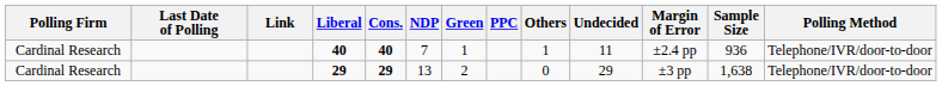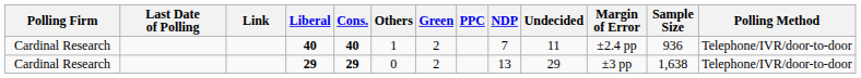 <table class="wikitable sortable" style="text-align:center;font-size:90%;line-height:14px;">
 <tr style="background:#e9e9e9;">
 <th style="width:120px">Polling Firm</th>
 <th style="width:110px">Last Date<br>of Polling</th>
 <th style="width:60px" class="unsortable">Link</th>
 <th style="background-color:"><a href='#'>Liberal</a></th>
 <th style="background-color:"><a href='#'>Cons.</a></th>
-<th style="background-color:"><a href='#'>NDP</a></th>
+<th style="background-color:">Others</th>
 <th style="background-color:"><a href='#'>Green</a></th>
 <th style="background-color:"><a href='#'><span>PPC</span></a></th>
-<th style="background-color:">Others</th>
+<th style="background-color:"><a href='#'>NDP</a></th>
 <th style="background-color:">Undecided</th>
 <th style="width:60px;" class=unsortable>Margin<br>of Error</th>
 <th style="width:50px;" class=unsortable>Sample<br>Size</th>
 <th class=unsortable>Polling Method</th>
 </tr>
 <tr>
 <td>Cardinal Research</td>
 <td></td>
 <td></td>
 <td><strong>40</strong></td>
 <td><strong>40</strong></td>
+<td>1</td>
+<td>2</td>
+<td></td>
 <td>7</td>
-<td>1</td>
-<td></td>
-<td>1</td>
 <td>11</td>
 <td>±2.4 pp</td>
 <td>936</td>
 <td>Telephone/IVR/door-to-door</td>
 </tr>
 <tr>
 <td>Cardinal Research</td>
 <td></td>
 <td></td>
 <td><strong>29</strong></td>
 <td><strong>29</strong></td>
-<td>13</td>
+<td>0</td>
 <td>2</td>
 <td></td>
-<td>0</td>
+<td>13</td>
 <td>29</td>
 <td>±3 pp</td>
 <td>1,638</td>
 <td>Telephone/IVR/door-to-door</td>
 </tr>
 </table>
